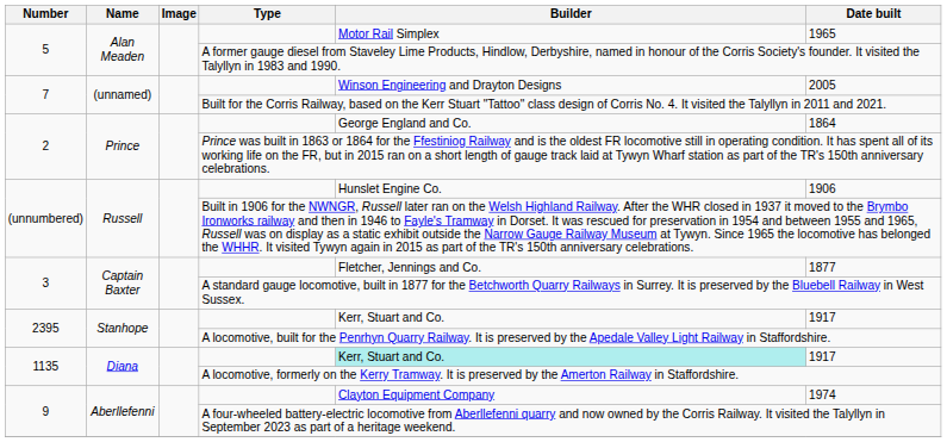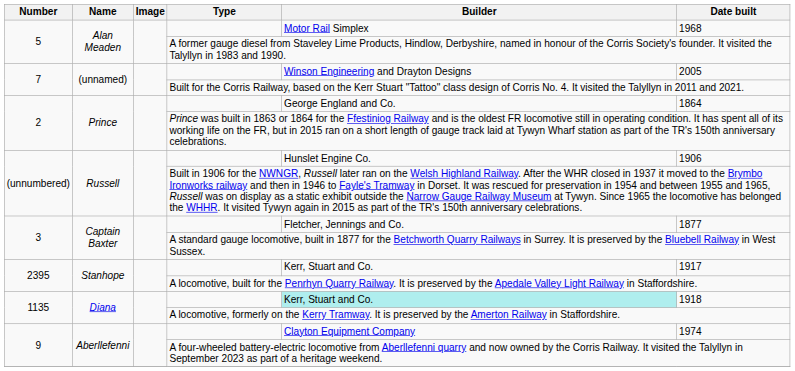 <table class="wikitable">
 <tr>
 <th>Number</th>
 <th>Name</th>
 <th>Image</th>
 <th>   Type   </th>
 <th>Builder</th>
 <th>Date built</th>
 </tr>
 <tr>
 <td rowspan=2 align="center">5</td>
 <td rowspan=2 align="center"><em>Alan Meaden</em></td>
 <td rowspan=2 align="center"></td>
 <td></td>
 <td><a href='#'>Motor Rail</a> Simplex</td>
-<td>1965</td>
+<td>1968</td>
 </tr>
 <tr>
 <td colspan=3>A former  gauge diesel from Staveley Lime Products, Hindlow, Derbyshire, named in honour of the Corris Society's founder. It visited the Talyllyn in 1983 and 1990.</td>
 </tr>
 <tr>
 <td rowspan=2 align="center">7</td>
 <td rowspan=2 align="center">(unnamed)</td>
 <td rowspan=2 align="center"></td>
 <td></td>
 <td><a href='#'>Winson Engineering</a> and Drayton Designs</td>
 <td>2005</td>
 </tr>
 <tr>
 <td colspan=3>Built for the Corris Railway, based on the Kerr Stuart "Tattoo" class design of Corris No. 4. It visited the Talyllyn in 2011 and 2021.</td>
 </tr>
 <tr>
 <td rowspan=2 align="center">2</td>
 <td rowspan=2 align="center"><em>Prince</em></td>
 <td rowspan=2 align="center"></td>
 <td></td>
 <td>George England and Co.</td>
 <td>1864</td>
 </tr>
 <tr>
 <td colspan=3><em>Prince</em> was built in 1863 or 1864 for the <a href='#'>Ffestiniog Railway</a> and is the oldest FR locomotive still in operating condition. It has spent all of its working life on the FR, but in 2015 ran on a short length of  gauge track laid at Tywyn Wharf station as part of the TR's 150th anniversary celebrations.</td>
 </tr>
 <tr>
 <td rowspan=2 align="center">(unnumbered)</td>
 <td rowspan=2 align="center"><em>Russell</em></td>
 <td rowspan=2 align="center"></td>
 <td></td>
 <td>Hunslet Engine Co.</td>
 <td>1906</td>
 </tr>
 <tr>
 <td colspan=3>Built in 1906 for the <a href='#'>NWNGR</a>, <em>Russell</em> later ran on the <a href='#'>Welsh Highland Railway</a>. After the WHR closed in 1937 it moved to the <a href='#'>Brymbo Ironworks railway</a> and then in 1946 to <a href='#'>Fayle's Tramway</a> in Dorset. It was rescued for preservation in 1954 and between 1955 and 1965, <em>Russell</em> was on display as a static exhibit outside the <a href='#'>Narrow Gauge Railway Museum</a> at Tywyn. Since 1965 the locomotive has belonged the <a href='#'>WHHR</a>. It visited Tywyn again in 2015 as part of the TR's 150th anniversary celebrations.</td>
 </tr>
 <tr>
 <td rowspan=2 align="center">3</td>
 <td rowspan=2 align="center"><em>Captain Baxter</em></td>
 <td rowspan=2 align="center"></td>
 <td></td>
 <td>Fletcher, Jennings and Co.</td>
 <td>1877</td>
 </tr>
 <tr>
 <td colspan=3>A standard gauge locomotive, built in 1877 for the <a href='#'>Betchworth Quarry Railways</a> in Surrey. It is preserved by the <a href='#'>Bluebell Railway</a> in West Sussex.</td>
 </tr>
 <tr>
 <td rowspan=2 align="center">2395</td>
 <td rowspan=2 align="center"><em>Stanhope</em></td>
 <td rowspan=2 align="center"></td>
 <td></td>
 <td>Kerr, Stuart and Co.</td>
 <td>1917</td>
 </tr>
 <tr>
 <td colspan=3>A  locomotive, built for the <a href='#'>Penrhyn Quarry Railway</a>. It is preserved by the <a href='#'>Apedale Valley Light Railway</a> in Staffordshire.</td>
 </tr>
 <tr>
 <td rowspan=2 align="center">1135</td>
 <td rowspan=2 align="center"><em><a href='#'>Diana</a></em></td>
 <td rowspan=2 align="center"></td>
 <td></td>
 <td style="background: paleturquoise;">Kerr, Stuart and Co.</td>
-<td>1917</td>
+<td>1918</td>
 </tr>
 <tr>
 <td colspan=3>A  locomotive, formerly on the <a href='#'>Kerry Tramway</a>. It is preserved by the <a href='#'>Amerton Railway</a> in Staffordshire.</td>
 </tr>
 <tr>
 <td rowspan=2 align="center">9</td>
 <td rowspan=2 align="center"><em>Aberllefenni</em></td>
 <td rowspan=2 align="center"></td>
 <td></td>
 <td><a href='#'>Clayton Equipment Company</a></td>
 <td>1974</td>
 </tr>
 <tr>
 <td colspan=3>A four-wheeled battery-electric locomotive from <a href='#'>Aberllefenni quarry</a> and now owned by the Corris Railway. It visited the Talyllyn in September 2023 as part of a heritage weekend.</td>
 </tr>
 <tr>
 </tr>
 </table>
